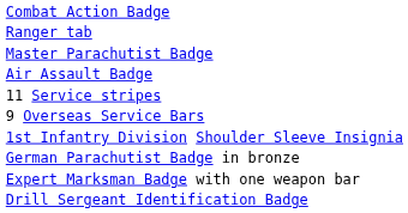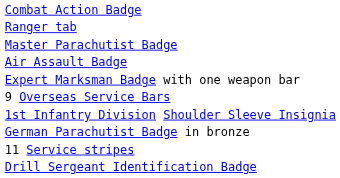 <table>
 <tr>
 <td> <a href='#'>Combat Action Badge</a></td>
 </tr>
 <tr>
 <td> <a href='#'>Ranger tab</a></td>
 </tr>
 <tr>
 <td> <a href='#'>Master Parachutist Badge</a></td>
 </tr>
 <tr>
 <td> <a href='#'>Air Assault Badge</a></td>
 </tr>
 <tr>
-<td> 11 <a href='#'>Service stripes</a></td>
+<td> <a href='#'>Expert Marksman Badge</a> with one weapon bar</td>
 </tr>
 <tr>
 <td> 9 <a href='#'>Overseas Service Bars</a></td>
 </tr>
 <tr>
 <td> <a href='#'>1st Infantry Division</a> <a href='#'>Shoulder Sleeve Insignia</a></td>
 </tr>
 <tr>
 <td> <a href='#'>German Parachutist Badge</a> in bronze</td>
 </tr>
 <tr>
-<td> <a href='#'>Expert Marksman Badge</a> with one weapon bar</td>
+<td> 11 <a href='#'>Service stripes</a></td>
 </tr>
 <tr>
 <td> <a href='#'>Drill Sergeant Identification Badge</a></td>
 </tr>
 </table>
